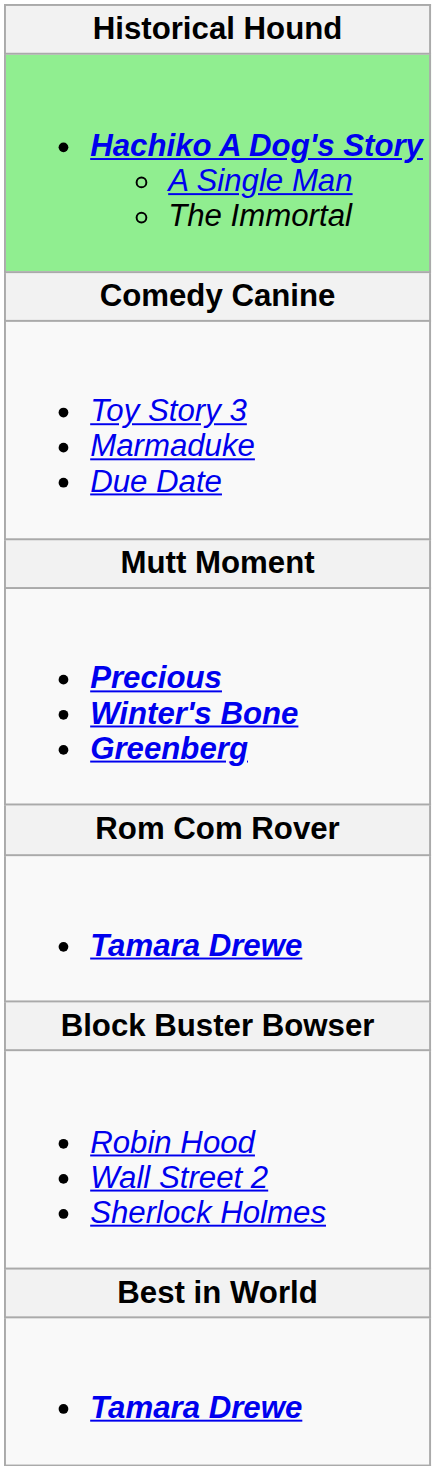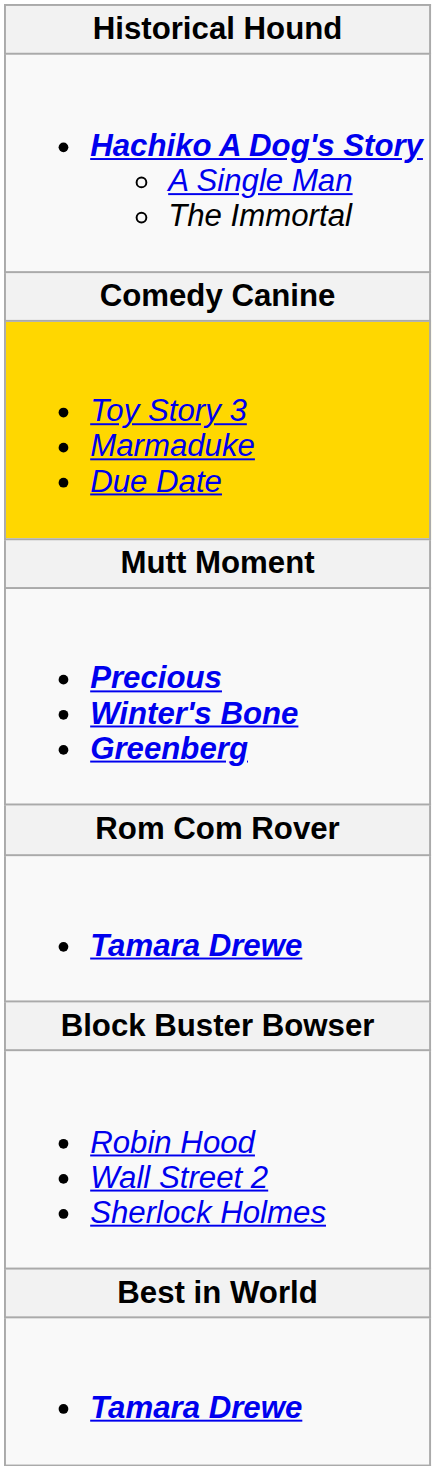 <table class="wikitable">
 <tr>
 <th><strong>Historical Hound</strong></th>
 </tr>
 <tr>
-<td style="background: lightgreen;"><br><ul><li><a href='#'><strong><em>Hachiko A Dog's Story</em></strong></a><ul><li><em><a href='#'>A Single Man</a></em></li><li><em>The Immortal</em></li></ul></li></ul></td>
+<td><br><ul><li><a href='#'><strong><em>Hachiko A Dog's Story</em></strong></a><ul><li><em><a href='#'>A Single Man</a></em></li><li><em>The Immortal</em></li></ul></li></ul></td>
 </tr>
 <tr>
 <th>Comedy Canine</th>
 </tr>
 <tr>
-<td><br><ul><li><em><a href='#'>Toy Story 3</a></em></li><li><a href='#'><em>Marmaduke</em></a></li><li><em><a href='#'>Due Date</a></em></li></ul></td>
+<td style="background: gold;"><br><ul><li><em><a href='#'>Toy Story 3</a></em></li><li><a href='#'><em>Marmaduke</em></a></li><li><em><a href='#'>Due Date</a></em></li></ul></td>
 </tr>
 <tr>
 <th>Mutt Moment</th>
 </tr>
 <tr>
 <td><strong><br><ul><li><a href='#'><em>Precious</em></a></li><li><em><a href='#'>Winter's Bone</a></em></li><li><a href='#'><em>Greenberg</em></a></li></ul></strong></td>
 </tr>
 <tr>
 <th>Rom Com Rover</th>
 </tr>
 <tr>
 <td><br><ul><li><a href='#'><strong><em>Tamara Drewe</em></strong></a></li></ul></td>
 </tr>
 <tr>
 <th>Block Buster Bowser</th>
 </tr>
 <tr>
 <td><br><ul><li><a href='#'><em>Robin Hood</em></a></li><li><a href='#'><em>Wall Street 2</em></a></li><li><a href='#'><em>Sherlock Holmes</em></a></li></ul></td>
 </tr>
 <tr>
 <th>Best in World</th>
 </tr>
 <tr>
 <td><br><ul><li><strong><a href='#'><em>Tamara Drewe</em></a></strong></li></ul></td>
 </tr>
 </table>
